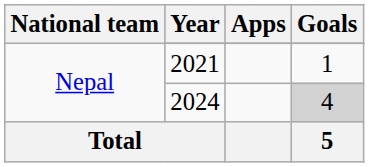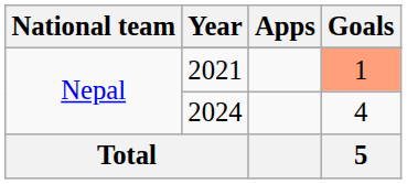 <table class="wikitable" style="text-align:center">
 <tr>
 <th>National team</th>
 <th>Year</th>
 <th>Apps</th>
 <th>Goals</th>
 </tr>
 <tr>
 <td rowspan="3"><a href='#'>Nepal</a></td>
 </tr>
 <tr>
 <td>2021</td>
 <td></td>
-<td>1</td>
+<td style="background: lightsalmon;">1</td>
 </tr>
 <tr>
 <td>2024</td>
 <td></td>
-<td style="background: lightgrey;">4</td>
+<td>4</td>
 </tr>
 <tr>
 <th colspan="2">Total</th>
 <th></th>
 <th>5</th>
 </tr>
 </table>
